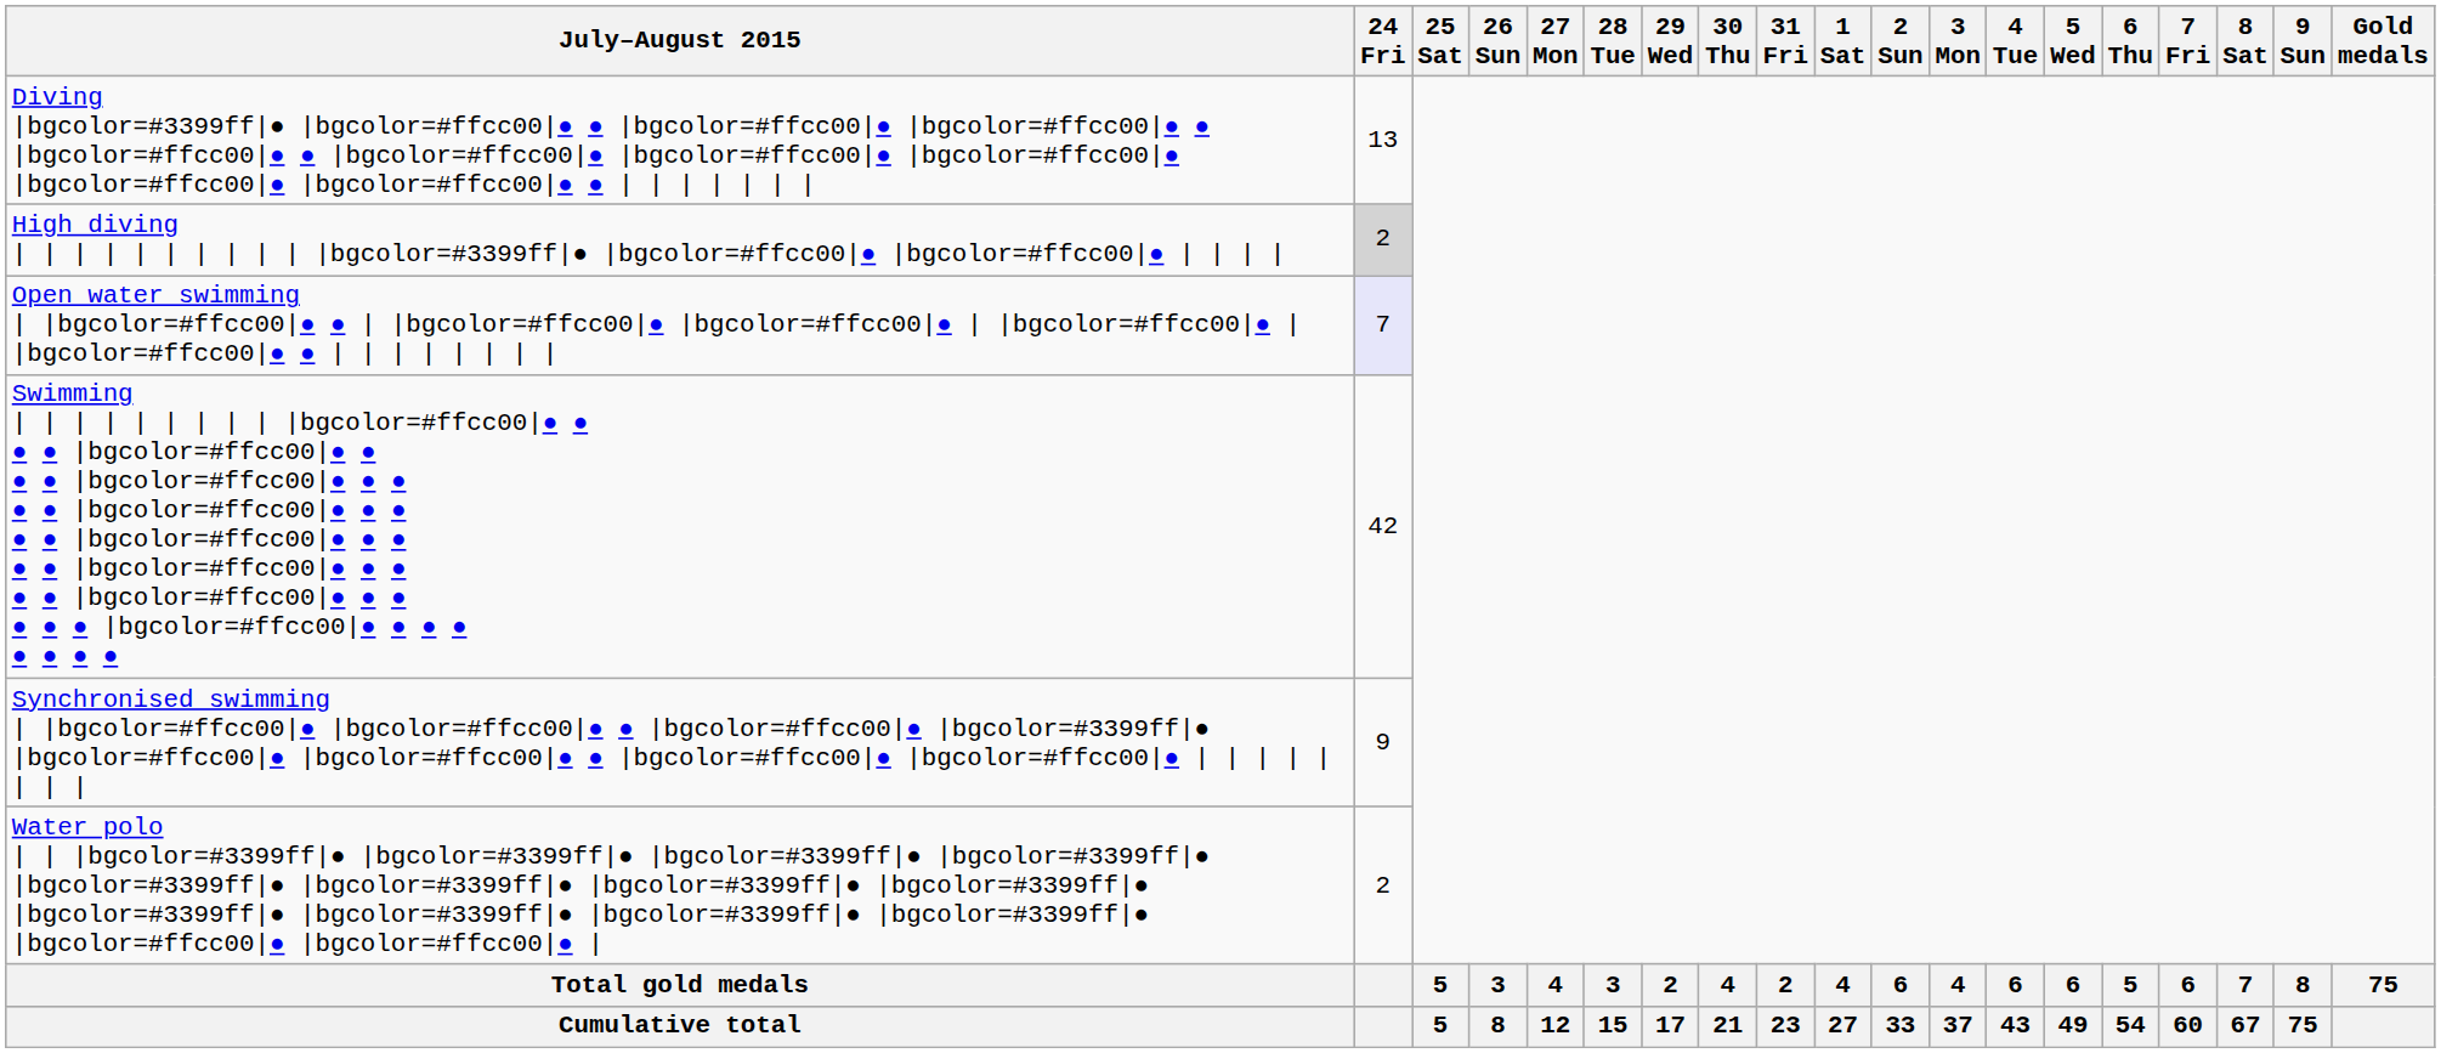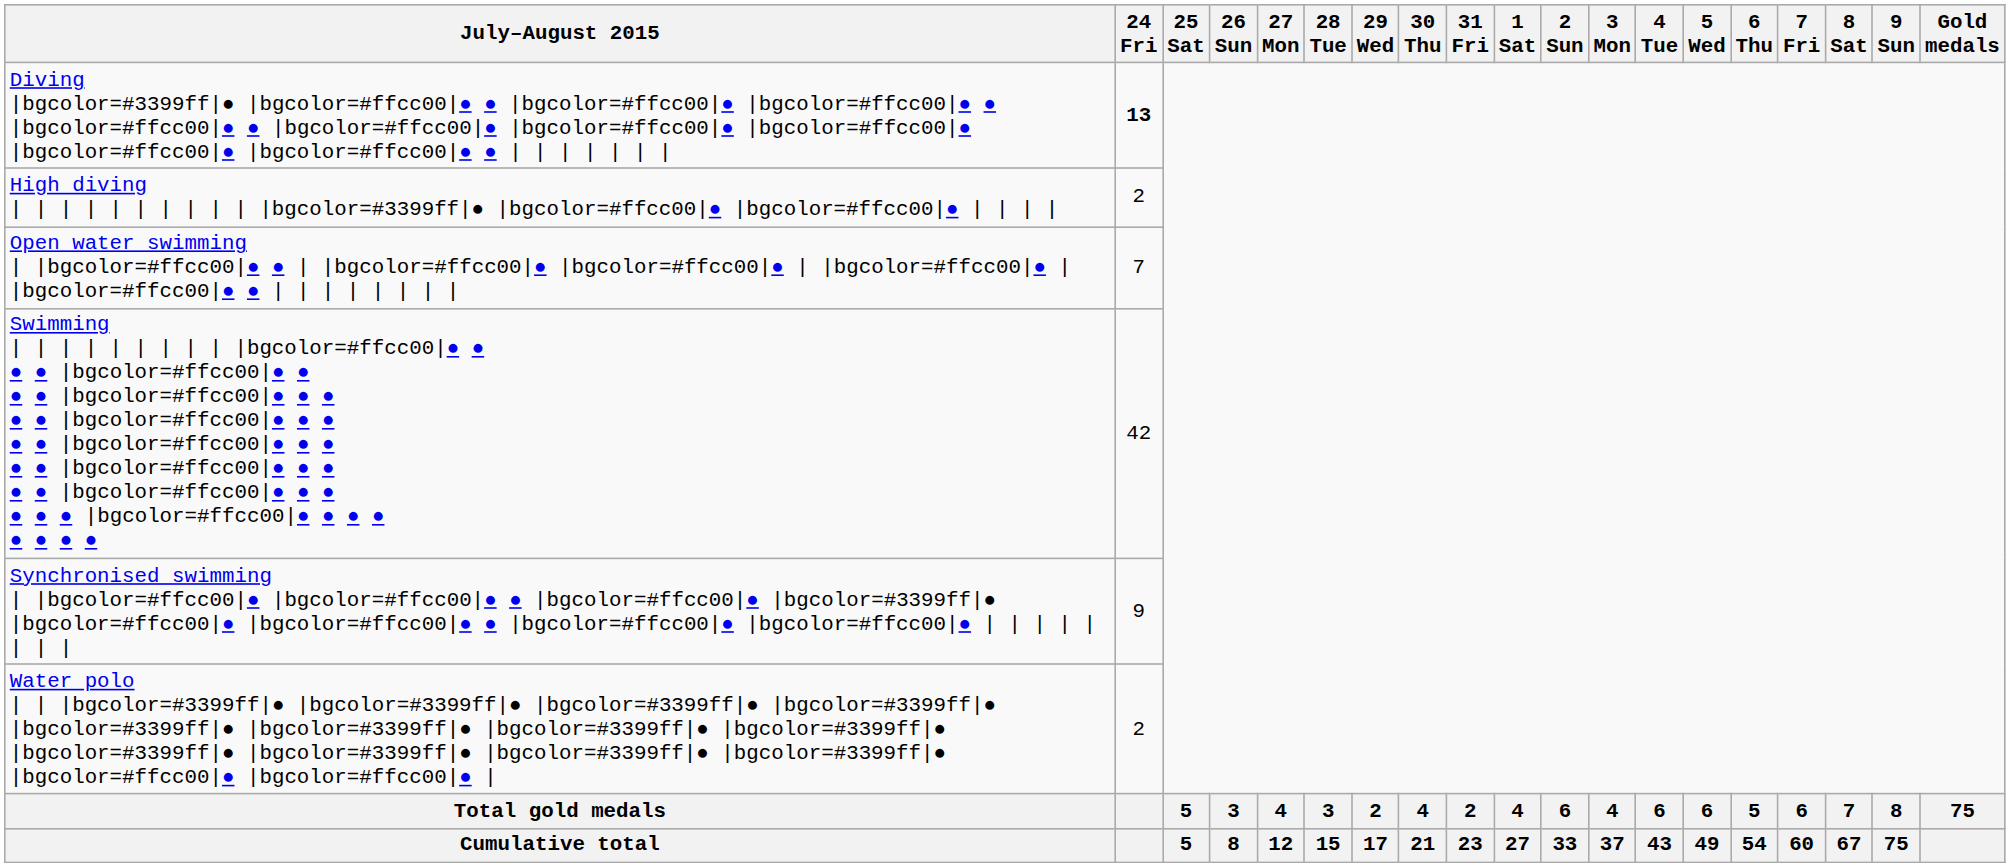 <table class="wikitable">
 <tr>
 <th>July–August 2015</th>
 <th>24<br>Fri</th>
 <th>25<br>Sat</th>
 <th>26<br>Sun</th>
 <th>27<br>Mon</th>
 <th>28<br>Tue</th>
 <th>29<br>Wed</th>
 <th>30<br>Thu</th>
 <th>31<br>Fri</th>
 <th>1<br>Sat</th>
 <th>2<br>Sun</th>
 <th>3<br>Mon</th>
 <th>4<br>Tue</th>
 <th>5<br>Wed</th>
 <th>6<br>Thu</th>
 <th>7<br>Fri</th>
 <th>8<br>Sat</th>
 <th>9<br>Sun</th>
 <th>Gold<br>medals</th>
 </tr>
 <tr style="text-align:center;">
 <td align="left"> <a href='#'>Diving</a><br>|bgcolor=#3399ff|<strong>● </strong> |bgcolor=#ffcc00|<a href='#'>●</a> <a href='#'>●</a> |bgcolor=#ffcc00|<a href='#'>●</a> |bgcolor=#ffcc00|<a href='#'>●</a> <a href='#'>●</a> |bgcolor=#ffcc00|<a href='#'>●</a> <a href='#'>●</a> |bgcolor=#ffcc00|<a href='#'>●</a>  |bgcolor=#ffcc00|<a href='#'>●</a>  |bgcolor=#ffcc00|<a href='#'>●</a>  |bgcolor=#ffcc00|<a href='#'>●</a>  |bgcolor=#ffcc00|<a href='#'>●</a> <a href='#'>●</a>  | | | | | | |</td>
-<td>13</td>
+<td><strong>13</strong></td>
 </tr>
 <tr style="text-align:center;">
 <td align="left"> <a href='#'>High diving</a><br>| | | | | | | | | | |bgcolor=#3399ff|<strong>● </strong> |bgcolor=#ffcc00|<a href='#'>●</a>  |bgcolor=#ffcc00|<a href='#'>●</a>  | | | |</td>
-<td style="background: lightgrey;">2</td>
+<td>2</td>
 </tr>
 <tr style="text-align:center;">
 <td align="left"> <a href='#'>Open water swimming</a><br>| |bgcolor=#ffcc00|<a href='#'>●</a> <a href='#'>●</a>  | |bgcolor=#ffcc00|<a href='#'>●</a>  |bgcolor=#ffcc00|<a href='#'>●</a>  | |bgcolor=#ffcc00|<a href='#'>●</a>  | |bgcolor=#ffcc00|<a href='#'>●</a> <a href='#'>●</a>  | | | | | | | |</td>
-<td style="background: lavender;">7</td>
+<td>7</td>
 </tr>
 <tr style="text-align:center;">
 <td align="left"> <a href='#'>Swimming</a><br>| | | | | | | | | |bgcolor=#ffcc00|<a href='#'>●</a> <a href='#'>●</a> <br>  <a href='#'>●</a> <a href='#'>●</a> |bgcolor=#ffcc00|<a href='#'>●</a> <a href='#'>●</a> <br>  <a href='#'>●</a> <a href='#'>●</a> |bgcolor=#ffcc00|<a href='#'>●</a> <a href='#'>●</a> <a href='#'>●</a> <br>  <a href='#'>●</a> <a href='#'>●</a> |bgcolor=#ffcc00|<a href='#'>●</a> <a href='#'>●</a> <a href='#'>●</a> <br>  <a href='#'>●</a> <a href='#'>●</a> |bgcolor=#ffcc00|<a href='#'>●</a> <a href='#'>●</a> <a href='#'>●</a> <br>  <a href='#'>●</a> <a href='#'>●</a> |bgcolor=#ffcc00|<a href='#'>●</a> <a href='#'>●</a> <a href='#'>●</a> <br>  <a href='#'>●</a> <a href='#'>●</a> |bgcolor=#ffcc00|<a href='#'>●</a> <a href='#'>●</a> <a href='#'>●</a> <br>  <a href='#'>●</a> <a href='#'>●</a> <a href='#'>●</a> |bgcolor=#ffcc00|<a href='#'>●</a> <a href='#'>●</a> <a href='#'>●</a> <a href='#'>●</a> <br>  <a href='#'>●</a> <a href='#'>●</a> <a href='#'>●</a> <a href='#'>●</a></td>
 <td>42</td>
 </tr>
 <tr style="text-align:center;">
 <td align="left"> <a href='#'>Synchronised swimming</a><br>| |bgcolor=#ffcc00|<a href='#'>●</a> |bgcolor=#ffcc00|<a href='#'>●</a> <a href='#'>●</a> |bgcolor=#ffcc00|<a href='#'>●</a> |bgcolor=#3399ff|<strong>●</strong> |bgcolor=#ffcc00|<a href='#'>●</a> |bgcolor=#ffcc00|<a href='#'>●</a> <a href='#'>●</a> |bgcolor=#ffcc00|<a href='#'>●</a> |bgcolor=#ffcc00|<a href='#'>●</a> | | | | | | | |</td>
 <td>9</td>
 </tr>
 <tr style="text-align:center;">
 <td align="left"> <a href='#'>Water polo</a><br>| | |bgcolor=#3399ff|<strong>●</strong> |bgcolor=#3399ff|<strong>●</strong> |bgcolor=#3399ff|<strong>●</strong> |bgcolor=#3399ff|<strong>●</strong> |bgcolor=#3399ff|<strong>●</strong> |bgcolor=#3399ff|<strong>●</strong> |bgcolor=#3399ff|<strong>●</strong> |bgcolor=#3399ff|<strong>●</strong> |bgcolor=#3399ff|<strong>●</strong> |bgcolor=#3399ff|<strong>●</strong> |bgcolor=#3399ff|<strong>●</strong> |bgcolor=#3399ff|<strong>●</strong> |bgcolor=#ffcc00|<a href='#'>●</a> |bgcolor=#ffcc00|<a href='#'>●</a> |</td>
 <td>2</td>
 </tr>
 <tr>
 <th>Total gold medals</th>
 <th></th>
 <th>5</th>
 <th>3</th>
 <th>4</th>
 <th>3</th>
 <th>2</th>
 <th>4</th>
 <th>2</th>
 <th>4</th>
 <th>6</th>
 <th>4</th>
 <th>6</th>
 <th>6</th>
 <th>5</th>
 <th>6</th>
 <th>7</th>
 <th>8</th>
 <th>75</th>
 </tr>
 <tr>
 <th>Cumulative total</th>
 <th></th>
 <th>5</th>
 <th>8</th>
 <th>12</th>
 <th>15</th>
 <th>17</th>
 <th>21</th>
 <th>23</th>
 <th>27</th>
 <th>33</th>
 <th>37</th>
 <th>43</th>
 <th>49</th>
 <th>54</th>
 <th>60</th>
 <th>67</th>
 <th>75</th>
 <th></th>
 </tr>
 </table>
